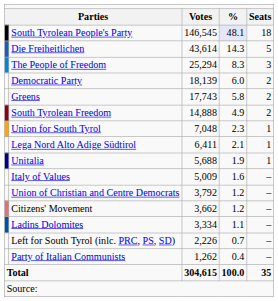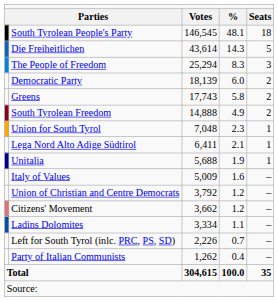 <table class="wikitable">
 <tr>
 <td colspan=5></td>
 </tr>
 <tr>
 <th colspan=2>Parties</th>
 <th>Votes</th>
 <th>%</th>
 <th>Seats</th>
 </tr>
 <tr>
 <td style="background-color:black"></td>
 <td><a href='#'>South Tyrolean People's Party</a></td>
 <td style="text-align:right;">146,545</td>
-<td style="background: lavender; text-align:right;">48.1</td>
+<td style="text-align:right;">48.1</td>
 <td style="text-align:right;">18</td>
 </tr>
 <tr>
 <td style="background-color:#1560BD"></td>
 <td><a href='#'>Die Freiheitlichen</a></td>
 <td style="text-align:right;">43,614</td>
 <td style="text-align:right;">14.3</td>
 <td style="text-align:right;">5</td>
 </tr>
 <tr>
 <td style="background-color:#0087DC"></td>
 <td><a href='#'>The People of Freedom</a></td>
 <td style="text-align:right;">25,294</td>
 <td style="text-align:right;">8.3</td>
 <td style="text-align:right;">3</td>
 </tr>
 <tr>
 <td style="background-color:"></td>
 <td><a href='#'>Democratic Party</a></td>
 <td style="text-align:right;">18,139</td>
 <td style="text-align:right;">6.0</td>
 <td style="text-align:right;">2</td>
 </tr>
 <tr>
 <td style="background-color:"></td>
 <td><a href='#'>Greens</a></td>
 <td style="text-align:right;">17,743</td>
 <td style="text-align:right;">5.8</td>
 <td style="text-align:right;">2</td>
 </tr>
 <tr>
 <td style="background-color:#8C001A"></td>
 <td><a href='#'>South Tyrolean Freedom</a></td>
 <td style="text-align:right;">14,888</td>
 <td style="text-align:right;">4.9</td>
 <td style="text-align:right;">2</td>
 </tr>
 <tr>
 <td style="background-color:#FFA700"></td>
 <td><a href='#'>Union for South Tyrol</a></td>
 <td style="text-align:right;">7,048</td>
 <td style="text-align:right;">2.3</td>
 <td style="text-align:right;">1</td>
 </tr>
 <tr>
 <td style="background-color:"></td>
 <td><a href='#'>Lega Nord Alto Adige Südtirol</a></td>
 <td style="text-align:right;">6,411</td>
 <td style="text-align:right;">2.1</td>
 <td style="text-align:right;">1</td>
 </tr>
 <tr>
 <td style="background-color:darkblue"></td>
 <td><a href='#'>Unitalia</a></td>
 <td style="text-align:right;">5,688</td>
 <td style="text-align:right;">1.9</td>
 <td style="text-align:right;">1</td>
 </tr>
 <tr>
 <td style="background-color:"></td>
 <td><a href='#'>Italy of Values</a></td>
 <td style="text-align:right;">5,009</td>
 <td style="text-align:right;">1.6</td>
 <td style="text-align:right;">–</td>
 </tr>
 <tr>
 <td style="background-color:"></td>
 <td><a href='#'>Union of Christian and Centre Democrats</a></td>
 <td style="text-align:right;">3,792</td>
 <td style="text-align:right;">1.2</td>
 <td style="text-align:right;">–</td>
 </tr>
 <tr>
 <td style="background-color:#E07179"></td>
 <td>Citizens' Movement</td>
 <td style="text-align:right;">3,662</td>
 <td style="text-align:right;">1.2</td>
 <td style="text-align:right;">–</td>
 </tr>
 <tr>
 <td style="background-color:#0050AA"></td>
 <td><a href='#'>Ladins Dolomites</a></td>
 <td style="text-align:right;">3,334</td>
 <td style="text-align:right;">1.1</td>
 <td style="text-align:right;">–</td>
 </tr>
 <tr>
 <td style="background-color:"></td>
 <td>Left for South Tyrol (inlc. <a href='#'>PRC</a>, <a href='#'>PS</a>, <a href='#'>SD</a>)</td>
 <td style="text-align:right;">2,226</td>
 <td style="text-align:right;">0.7</td>
 <td style="text-align:right;">–</td>
 </tr>
 <tr>
 <td style="background-color:"></td>
 <td><a href='#'>Party of Italian Communists</a></td>
 <td style="text-align:right;">1,262</td>
 <td style="text-align:right;">0.4</td>
 <td style="text-align:right;">–</td>
 </tr>
 <tr>
 <td colspan=2><strong>Total</strong></td>
 <td style="text-align:right;"><strong>304,615</strong></td>
 <td style="text-align:right;"><strong>100.0</strong></td>
 <td style="text-align:right;"><strong>35</strong></td>
 </tr>
 <tr>
 <td colspan=5>Source: </td>
 </tr>
 </table>
